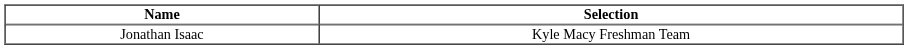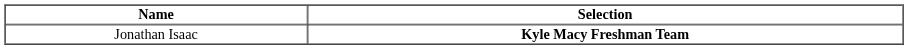 <table cellpadding="1" border="1" cellspacing="0" width="80%">
 <tr>
 <th>Name</th>
 <th>Selection</th>
 </tr>
 <tr align="center">
 <td>Jonathan Isaac</td>
-<td>Kyle Macy Freshman Team</td>
+<td><strong>Kyle Macy Freshman Team</strong></td>
 </tr>
 </table>
